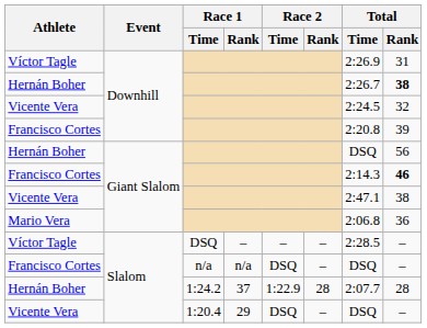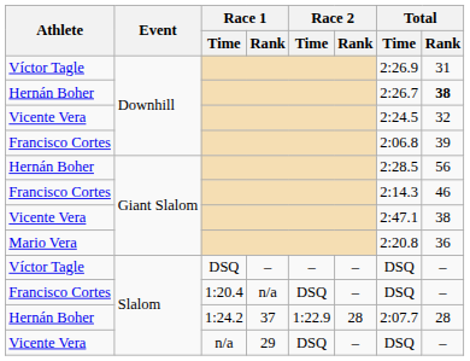 <table class="wikitable" style="font-size:90%">
 <tr>
 <th rowspan="2">Athlete</th>
 <th rowspan="2">Event</th>
 <th colspan="2">Race 1</th>
 <th colspan="2">Race 2</th>
 <th colspan="2">Total</th>
 </tr>
 <tr>
 <th>Time</th>
 <th>Rank</th>
 <th>Time</th>
 <th>Rank</th>
 <th>Time</th>
 <th>Rank</th>
 </tr>
 <tr>
 <td><a href='#'>Víctor Tagle</a></td>
 <td rowspan="4">Downhill</td>
 <td colspan="4" bgcolor="wheat"></td>
 <td align="center">2:26.9</td>
 <td align="center">31</td>
 </tr>
 <tr>
 <td><a href='#'>Hernán Boher</a></td>
 <td colspan="4" bgcolor="wheat"></td>
 <td align="center">2:26.7</td>
 <td align="center"><strong>38</strong></td>
 </tr>
 <tr>
 <td><a href='#'>Vicente Vera</a></td>
 <td colspan="4" bgcolor="wheat"></td>
 <td align="center">2:24.5</td>
 <td align="center">32</td>
 </tr>
 <tr>
 <td><a href='#'>Francisco Cortes</a></td>
 <td colspan="4" bgcolor="wheat"></td>
-<td align="center">2:20.8</td>
+<td align="center">2:06.8</td>
 <td align="center">39</td>
 </tr>
 <tr>
 <td><a href='#'>Hernán Boher</a></td>
 <td rowspan="4">Giant Slalom</td>
 <td colspan="4" bgcolor="wheat"></td>
-<td align="center">DSQ</td>
+<td align="center">2:28.5</td>
 <td align="center">56</td>
 </tr>
 <tr>
 <td><a href='#'>Francisco Cortes</a></td>
 <td colspan="4" bgcolor="wheat"></td>
 <td align="center">2:14.3</td>
-<td align="center"><strong>46</strong></td>
+<td align="center">46</td>
 </tr>
 <tr>
 <td><a href='#'>Vicente Vera</a></td>
 <td colspan="4" bgcolor="wheat"></td>
 <td align="center">2:47.1</td>
 <td align="center">38</td>
 </tr>
 <tr>
 <td><a href='#'>Mario Vera</a></td>
 <td colspan="4" bgcolor="wheat"></td>
-<td align="center">2:06.8</td>
+<td align="center">2:20.8</td>
 <td align="center">36</td>
 </tr>
 <tr>
 <td><a href='#'>Víctor Tagle</a></td>
 <td rowspan="4">Slalom</td>
 <td align="center">DSQ</td>
 <td align="center">–</td>
 <td align="center">–</td>
 <td align="center">–</td>
-<td align="center">2:28.5</td>
+<td align="center">DSQ</td>
 <td align="center">–</td>
 </tr>
 <tr>
 <td><a href='#'>Francisco Cortes</a></td>
-<td align="center">n/a</td>
+<td align="center">1:20.4</td>
 <td align="center">n/a</td>
 <td align="center">DSQ</td>
 <td align="center">–</td>
 <td align="center">DSQ</td>
 <td align="center">–</td>
 </tr>
 <tr>
 <td><a href='#'>Hernán Boher</a></td>
 <td align="center">1:24.2</td>
 <td align="center">37</td>
 <td align="center">1:22.9</td>
 <td align="center">28</td>
 <td align="center">2:07.7</td>
 <td align="center">28</td>
 </tr>
 <tr>
 <td><a href='#'>Vicente Vera</a></td>
-<td align="center">1:20.4</td>
+<td align="center">n/a</td>
 <td align="center">29</td>
 <td align="center">DSQ</td>
 <td align="center">–</td>
 <td align="center">DSQ</td>
 <td align="center">–</td>
 </tr>
 </table>
